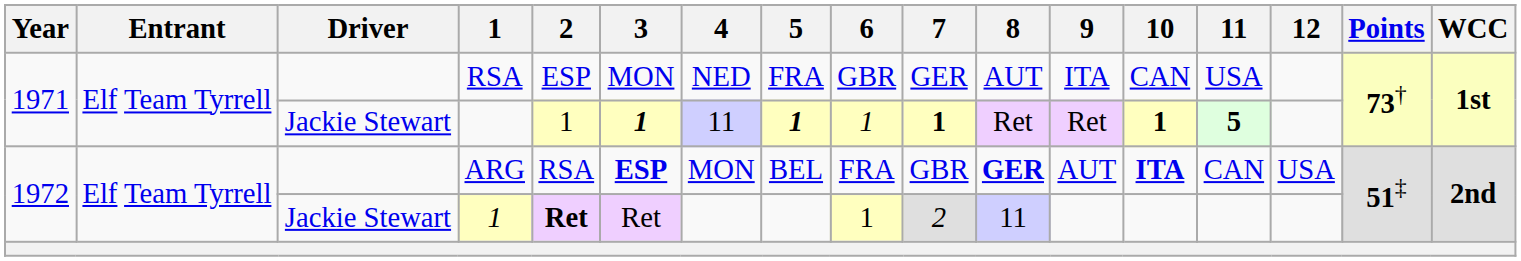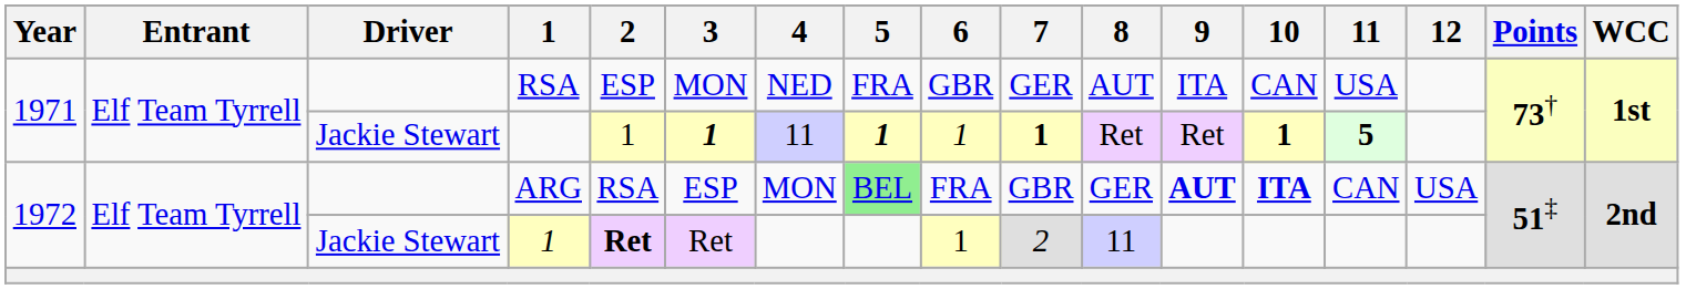 <table class="wikitable" style="text-align:center; font-size:90%">
 <tr>
 <th>Year</th>
 <th>Entrant</th>
 <th>Driver</th>
 <th>1</th>
 <th>2</th>
 <th>3</th>
 <th>4</th>
 <th>5</th>
 <th>6</th>
 <th>7</th>
 <th>8</th>
 <th>9</th>
 <th>10</th>
 <th>11</th>
 <th>12</th>
 <th><a href='#'>Points</a></th>
 <th>WCC</th>
 </tr>
 <tr>
 <td rowspan="2"><a href='#'>1971</a></td>
 <td rowspan="2"><a href='#'>Elf</a> <a href='#'>Team Tyrrell</a></td>
 <td></td>
 <td><a href='#'>RSA</a></td>
 <td><a href='#'>ESP</a></td>
 <td><a href='#'>MON</a></td>
 <td><a href='#'>NED</a></td>
 <td><a href='#'>FRA</a></td>
 <td><a href='#'>GBR</a></td>
 <td><a href='#'>GER</a></td>
 <td><a href='#'>AUT</a></td>
 <td><a href='#'>ITA</a></td>
 <td><a href='#'>CAN</a></td>
 <td><a href='#'>USA</a></td>
 <td></td>
 <td rowspan="2" style="background:#fbffbf;"><strong>73</strong><sup>†</sup></td>
 <td rowspan="2" style="background:#fbffbf;"><strong>1st</strong></td>
 </tr>
 <tr>
 <td> <a href='#'>Jackie Stewart</a></td>
 <td></td>
 <td style="background:#ffffbf;">1</td>
 <td style="background:#ffffbf;"><strong> <em>1</em> </strong></td>
 <td style="background:#cfcfff;">11</td>
 <td style="background:#ffffbf;"><strong> <em>1</em> </strong></td>
 <td style="background:#ffffbf;"><em>1</em></td>
 <td style="background:#ffffbf;"><strong>1</strong></td>
 <td style="background:#efcfff;">Ret</td>
 <td style="background:#efcfff;">Ret</td>
 <td style="background:#ffffbf;"><strong>1</strong></td>
 <td style="background:#dfffdf;"><strong>5</strong></td>
 <td></td>
 </tr>
 <tr>
 <td rowspan="2"><a href='#'>1972</a></td>
 <td rowspan="2"><a href='#'>Elf</a> <a href='#'>Team Tyrrell</a></td>
 <td></td>
 <td><a href='#'>ARG</a></td>
 <td><a href='#'>RSA</a></td>
-<td><strong><a href='#'>ESP</a></strong></td>
+<td><a href='#'>ESP</a></td>
 <td><a href='#'>MON</a></td>
-<td><a href='#'>BEL</a></td>
+<td style="background: lightgreen;"><a href='#'>BEL</a></td>
 <td><a href='#'>FRA</a></td>
 <td><a href='#'>GBR</a></td>
-<td><strong><a href='#'>GER</a></strong></td>
-<td><a href='#'>AUT</a></td>
+<td><a href='#'>GER</a></td>
+<td><strong><a href='#'>AUT</a></strong></td>
 <td><strong><a href='#'>ITA</a></strong></td>
 <td><a href='#'>CAN</a></td>
 <td><a href='#'>USA</a></td>
 <td rowspan="2" style="background:#dfdfdf;"><strong>51</strong><sup>‡</sup></td>
 <td rowspan="2" style="background:#dfdfdf;"><strong>2nd</strong></td>
 </tr>
 <tr>
 <td> <a href='#'>Jackie Stewart</a></td>
 <td style="background:#ffffbf;"><em>1</em></td>
 <td style="background:#efcfff;"><strong>Ret</strong></td>
 <td style="background:#efcfff;">Ret</td>
 <td></td>
 <td></td>
 <td style="background:#ffffbf;">1</td>
 <td style="background:#dfdfdf;"><em>2</em></td>
 <td style="background:#cfcfff;">11</td>
 <td></td>
 <td></td>
 <td></td>
 <td></td>
 </tr>
 <tr>
 <th colspan="17"></th>
 </tr>
 </table>
